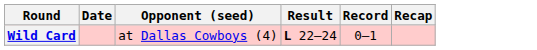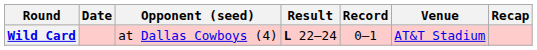 <table class="wikitable" style="text-align:center">
 <tr>
 <th>Round</th>
 <th>Date</th>
 <th>Opponent (seed)</th>
 <th>Result</th>
 <th>Record</th>
+<th>Venue</th>
 <th>Recap</th>
 </tr>
 <tr style="background:#fcc">
 <th><a href='#'>Wild Card</a></th>
 <td></td>
 <td>at <a href='#'>Dallas Cowboys</a> (4)</td>
 <td><strong>L</strong> 22–24</td>
 <td>0–1</td>
+<td><a href='#'>AT&T Stadium</a></td>
 <td></td>
 </tr>
 </table>
